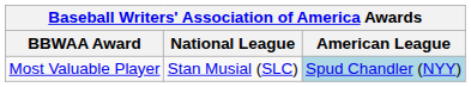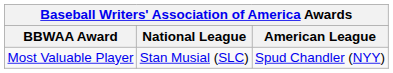 <table class="wikitable">
 <tr>
 <th colspan="3"><a href='#'>Baseball Writers' Association of America</a> Awards</th>
 </tr>
 <tr>
 <th>BBWAA Award</th>
 <th>National League</th>
 <th>American League</th>
 </tr>
 <tr>
 <td><a href='#'>Most Valuable Player</a></td>
 <td><a href='#'>Stan Musial</a> (<a href='#'>SLC</a>)</td>
-<td style="background: lightblue;"><a href='#'>Spud Chandler</a> (<a href='#'>NYY</a>)</td>
+<td><a href='#'>Spud Chandler</a> (<a href='#'>NYY</a>)</td>
 </tr>
 </table>
